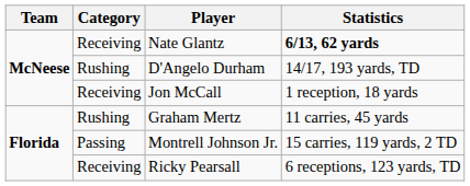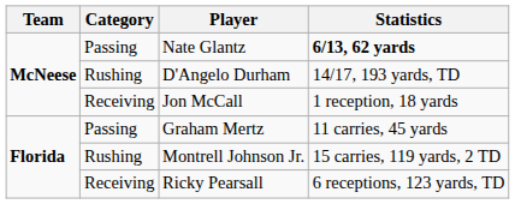 <table class="wikitable" style="float: right;">
 <tr>
 <th>Team</th>
 <th>Category</th>
 <th>Player</th>
 <th>Statistics</th>
 </tr>
 <tr>
 <td rowspan=3><strong>McNeese</strong></td>
-<td>Receiving</td>
+<td>Passing</td>
 <td>Nate Glantz</td>
 <td><strong>6/13, 62 yards</strong></td>
 </tr>
 <tr>
 <td>Rushing</td>
 <td>D'Angelo Durham</td>
 <td>14/17, 193 yards, TD</td>
 </tr>
 <tr>
 <td>Receiving</td>
 <td>Jon McCall</td>
 <td>1 reception, 18 yards</td>
 </tr>
 <tr>
 <td rowspan=3><strong>Florida</strong></td>
-<td>Rushing</td>
+<td>Passing</td>
 <td>Graham Mertz</td>
 <td>11 carries, 45 yards</td>
 </tr>
 <tr>
-<td>Passing</td>
+<td>Rushing</td>
 <td>Montrell Johnson Jr.</td>
 <td>15 carries, 119 yards, 2 TD</td>
 </tr>
 <tr>
 <td>Receiving</td>
 <td>Ricky Pearsall</td>
 <td>6 receptions, 123 yards, TD</td>
 </tr>
 </table>
